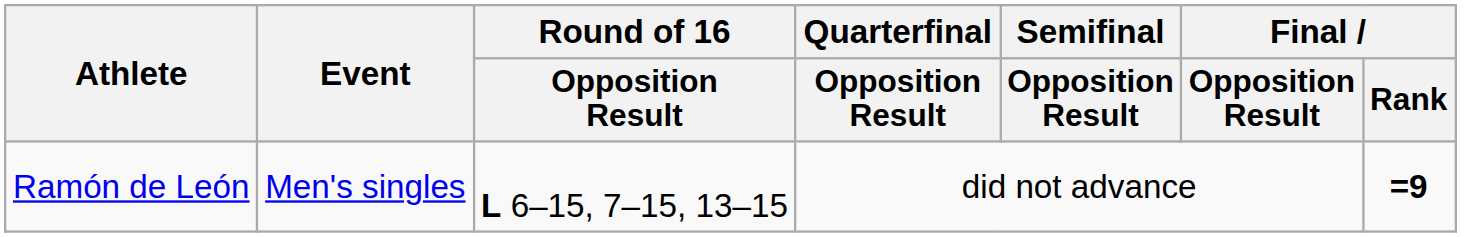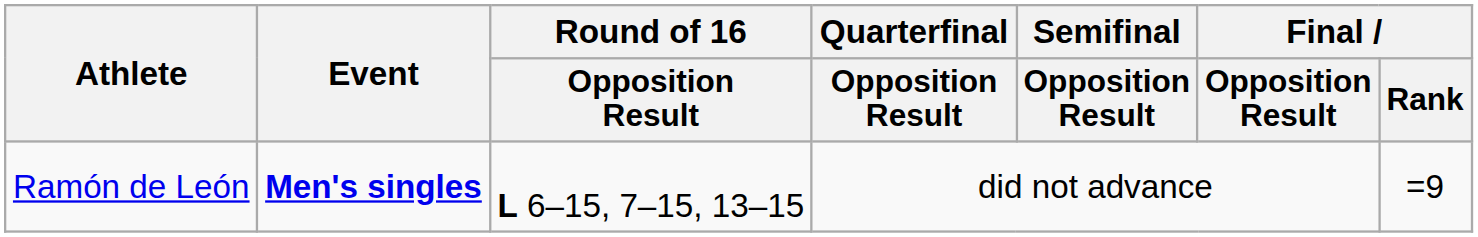 <table class=wikitable style=font-size:90%;text-align:center>
 <tr>
 <th rowspan=2>Athlete</th>
 <th rowspan=2>Event</th>
 <th>Round of 16</th>
 <th>Quarterfinal</th>
 <th>Semifinal</th>
 <th colspan=2>Final / </th>
 </tr>
 <tr style=font-size:95%>
 <th>Opposition<br>Result</th>
 <th>Opposition<br>Result</th>
 <th>Opposition<br>Result</th>
 <th>Opposition<br>Result</th>
 <th>Rank</th>
 </tr>
 <tr>
 <td align=left><a href='#'>Ramón de León</a></td>
-<td align=left><a href='#'>Men's singles</a></td>
+<td align=left><strong><a href='#'>Men's singles</a></strong></td>
 <td><br><strong>L</strong> 6–15, 7–15, 13–15</td>
 <td colspan=3>did not advance</td>
-<td><strong>=9</strong></td>
+<td>=9</td>
 </tr>
 </table>
